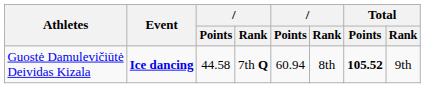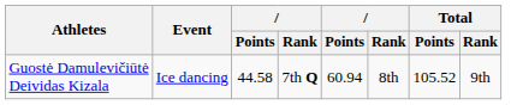 <table class="wikitable" style="font-size:90%">
 <tr>
 <th rowspan="2">Athletes</th>
 <th rowspan="2">Event</th>
 <th colspan="2">/</th>
 <th colspan="2">/</th>
 <th colspan="2">Total</th>
 </tr>
 <tr style="font-size:95%">
 <th>Points</th>
 <th>Rank</th>
 <th>Points</th>
 <th>Rank</th>
 <th>Points</th>
 <th>Rank</th>
 </tr>
 <tr align=center>
 <td align=left><a href='#'>Guostė Damulevičiūtė</a> <br> <a href='#'>Deividas Kizala</a></td>
-<td align=left><strong><a href='#'>Ice dancing</a></strong></td>
+<td align=left><a href='#'>Ice dancing</a></td>
 <td>44.58</td>
 <td>7th <strong>Q</strong></td>
 <td>60.94</td>
 <td>8th</td>
-<td><strong>105.52</strong></td>
+<td>105.52</td>
 <td>9th</td>
 </tr>
 </table>
